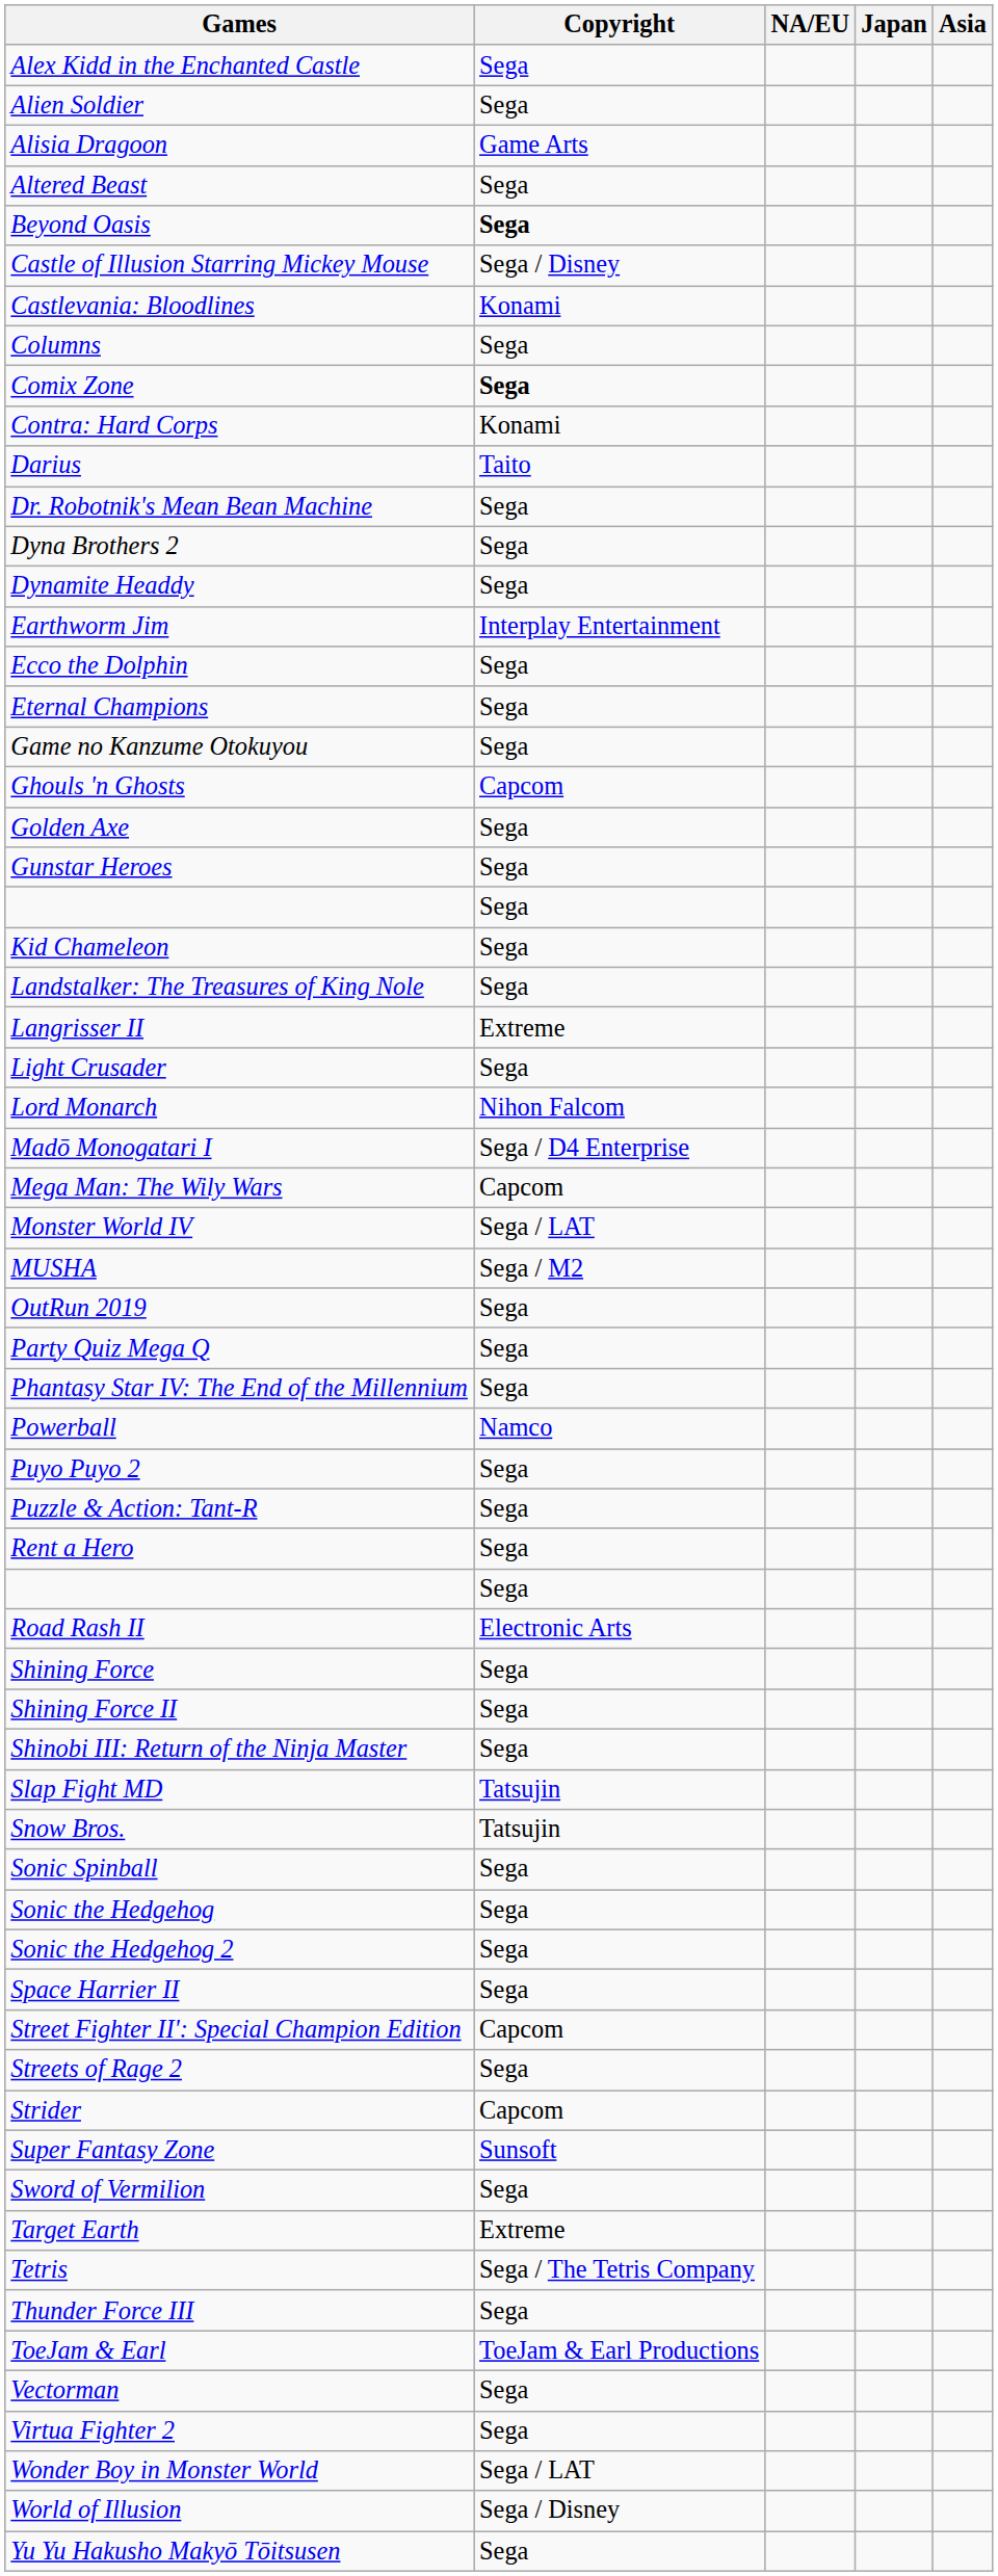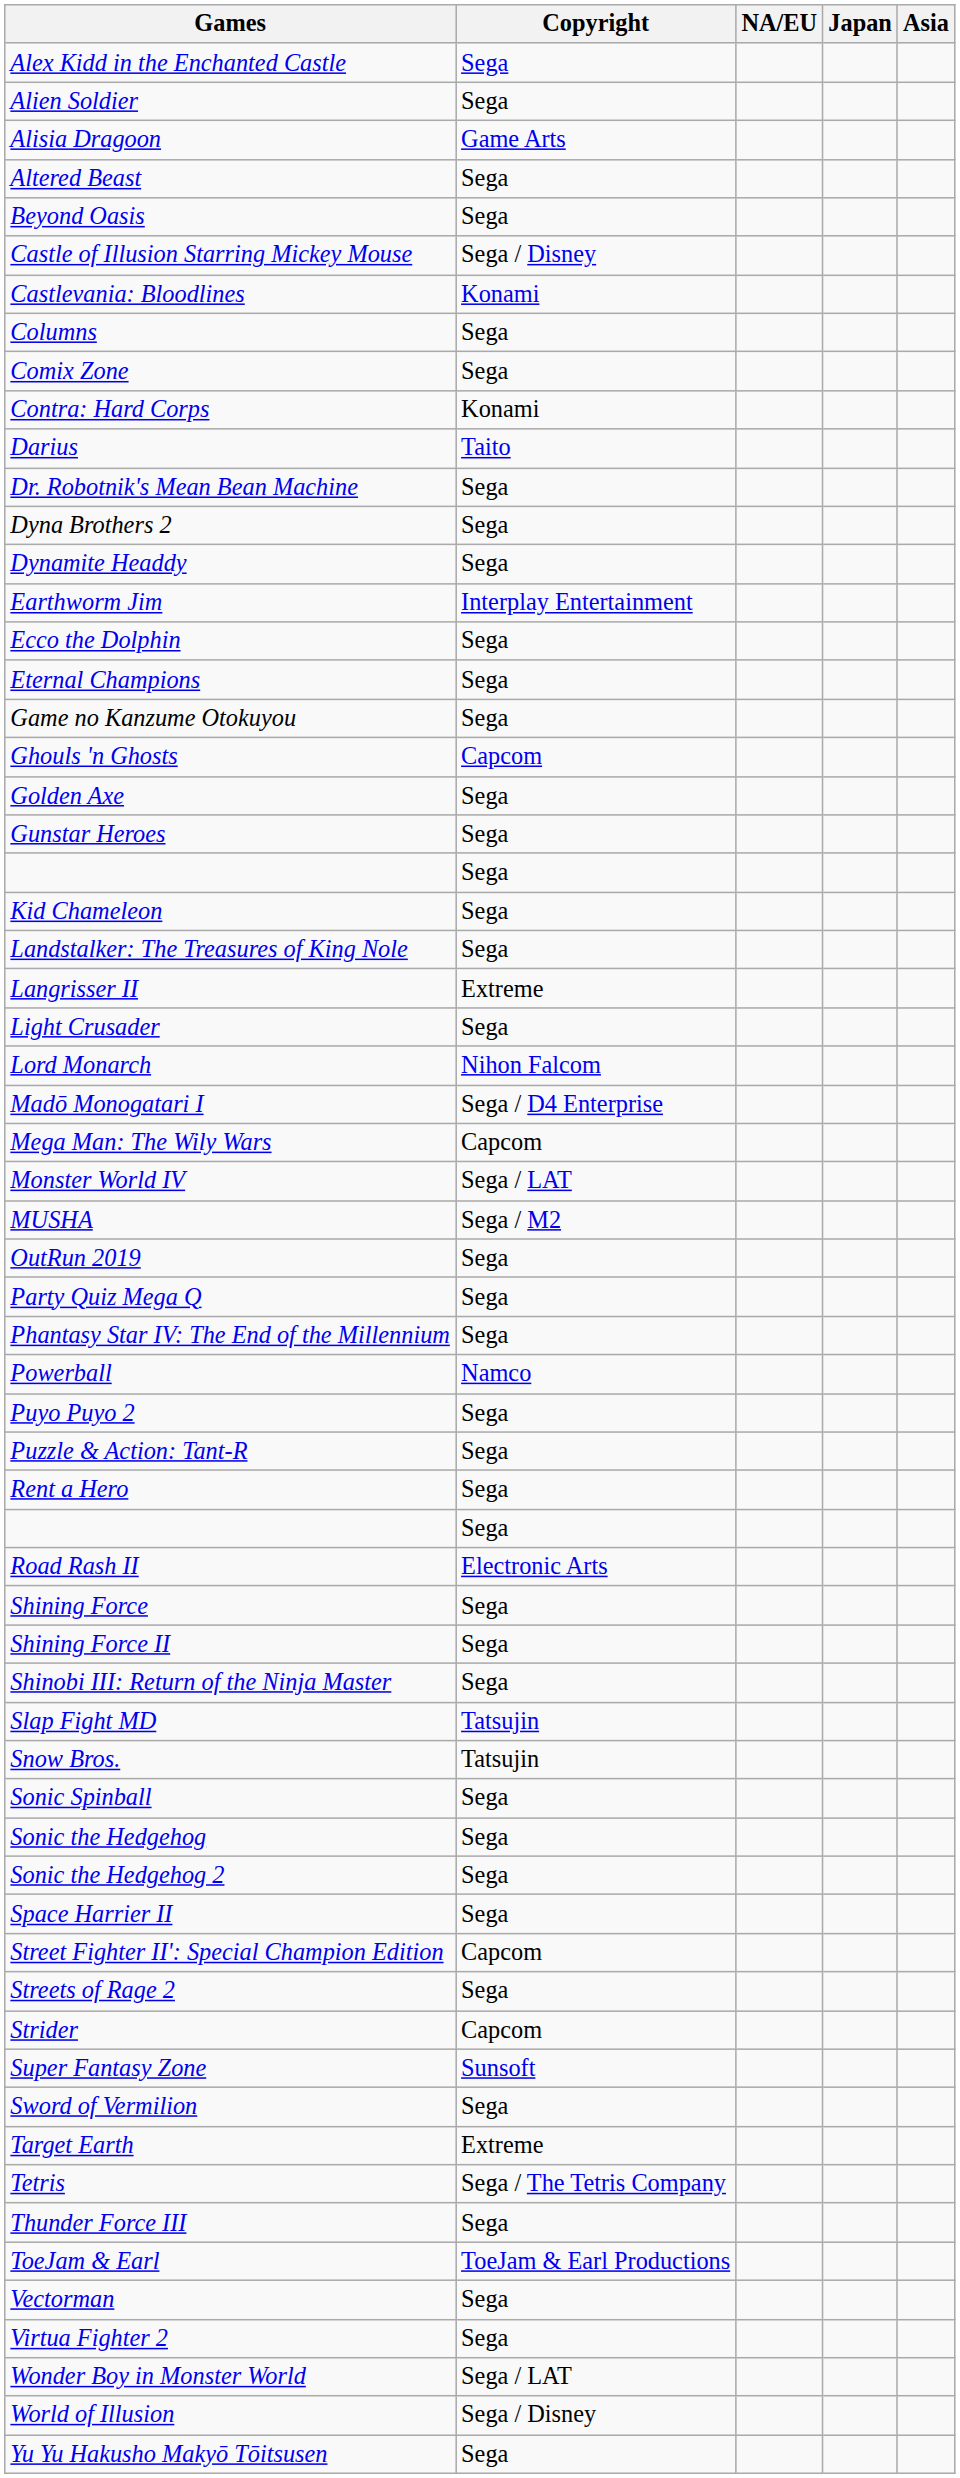 <table class="wikitable sortable">
 <tr>
 <th>Games</th>
 <th>Copyright</th>
 <th>NA/EU</th>
 <th>Japan</th>
 <th>Asia</th>
 </tr>
 <tr>
 <td><em><a href='#'>Alex Kidd in the Enchanted Castle</a></em></td>
 <td><a href='#'>Sega</a></td>
 <td></td>
 <td></td>
 <td></td>
 </tr>
 <tr>
 <td><em><a href='#'>Alien Soldier</a></em></td>
 <td>Sega</td>
 <td></td>
 <td></td>
 <td></td>
 </tr>
 <tr>
 <td><em><a href='#'>Alisia Dragoon</a></em></td>
 <td><a href='#'>Game Arts</a></td>
 <td></td>
 <td></td>
 <td></td>
 </tr>
 <tr>
 <td><em><a href='#'>Altered Beast</a></em></td>
 <td>Sega</td>
 <td></td>
 <td></td>
 <td></td>
 </tr>
 <tr>
 <td><em><a href='#'>Beyond Oasis</a></em></td>
-<td><strong>Sega</strong></td>
+<td>Sega</td>
 <td></td>
 <td></td>
 <td></td>
 </tr>
 <tr>
 <td><em><a href='#'>Castle of Illusion Starring Mickey Mouse</a></em></td>
 <td>Sega / <a href='#'>Disney</a></td>
 <td></td>
 <td></td>
 <td></td>
 </tr>
 <tr>
 <td><em><a href='#'>Castlevania: Bloodlines</a></em></td>
 <td><a href='#'>Konami</a></td>
 <td></td>
 <td></td>
 <td></td>
 </tr>
 <tr>
 <td><em><a href='#'>Columns</a></em></td>
 <td>Sega</td>
 <td></td>
 <td></td>
 <td></td>
 </tr>
 <tr>
 <td><em><a href='#'>Comix Zone</a></em></td>
-<td><strong>Sega</strong></td>
+<td>Sega</td>
 <td></td>
 <td></td>
 <td></td>
 </tr>
 <tr>
 <td><em><a href='#'>Contra: Hard Corps</a></em></td>
 <td>Konami</td>
 <td></td>
 <td></td>
 <td></td>
 </tr>
 <tr>
 <td><em><a href='#'>Darius</a></em></td>
 <td><a href='#'>Taito</a></td>
 <td></td>
 <td></td>
 <td></td>
 </tr>
 <tr>
 <td><em><a href='#'>Dr. Robotnik's Mean Bean Machine</a></em></td>
 <td>Sega</td>
 <td></td>
 <td></td>
 <td></td>
 </tr>
 <tr>
 <td><em>Dyna Brothers 2</em></td>
 <td>Sega</td>
 <td></td>
 <td></td>
 <td></td>
 </tr>
 <tr>
 <td><em><a href='#'>Dynamite Headdy</a></em></td>
 <td>Sega</td>
 <td></td>
 <td></td>
 <td></td>
 </tr>
 <tr>
 <td><em><a href='#'>Earthworm Jim</a></em></td>
 <td><a href='#'>Interplay Entertainment</a></td>
 <td></td>
 <td></td>
 <td></td>
 </tr>
 <tr>
 <td><em><a href='#'>Ecco the Dolphin</a></em></td>
 <td>Sega</td>
 <td></td>
 <td></td>
 <td></td>
 </tr>
 <tr>
 <td><em><a href='#'>Eternal Champions</a></em></td>
 <td>Sega</td>
 <td></td>
 <td></td>
 <td></td>
 </tr>
 <tr>
 <td><em>Game no Kanzume Otokuyou</em></td>
 <td>Sega</td>
 <td></td>
 <td></td>
 <td></td>
 </tr>
 <tr>
 <td><em><a href='#'>Ghouls 'n Ghosts</a></em></td>
 <td><a href='#'>Capcom</a></td>
 <td></td>
 <td></td>
 <td></td>
 </tr>
 <tr>
 <td><em><a href='#'>Golden Axe</a></em></td>
 <td>Sega</td>
 <td></td>
 <td></td>
 <td></td>
 </tr>
 <tr>
 <td><em><a href='#'>Gunstar Heroes</a></em></td>
 <td>Sega</td>
 <td></td>
 <td></td>
 <td></td>
 </tr>
 <tr>
 <td></td>
 <td>Sega</td>
 <td></td>
 <td></td>
 <td></td>
 </tr>
 <tr>
 <td><em><a href='#'>Kid Chameleon</a></em></td>
 <td>Sega</td>
 <td></td>
 <td></td>
 <td></td>
 </tr>
 <tr>
 <td><em><a href='#'>Landstalker: The Treasures of King Nole</a></em></td>
 <td>Sega</td>
 <td></td>
 <td></td>
 <td></td>
 </tr>
 <tr>
 <td><em><a href='#'>Langrisser II</a></em></td>
 <td>Extreme</td>
 <td></td>
 <td></td>
 <td></td>
 </tr>
 <tr>
 <td><em><a href='#'>Light Crusader</a></em></td>
 <td>Sega</td>
 <td></td>
 <td></td>
 <td></td>
 </tr>
 <tr>
 <td><em><a href='#'>Lord Monarch</a></em></td>
 <td><a href='#'>Nihon Falcom</a></td>
 <td></td>
 <td></td>
 <td></td>
 </tr>
 <tr>
 <td><em><a href='#'>Madō Monogatari I</a></em></td>
 <td>Sega / <a href='#'>D4 Enterprise</a></td>
 <td></td>
 <td></td>
 <td></td>
 </tr>
 <tr>
 <td><em><a href='#'>Mega Man: The Wily Wars</a></em></td>
 <td>Capcom</td>
 <td></td>
 <td></td>
 <td></td>
 </tr>
 <tr>
 <td><em><a href='#'>Monster World IV</a></em></td>
 <td>Sega / <a href='#'>LAT</a></td>
 <td></td>
 <td></td>
 <td></td>
 </tr>
 <tr>
 <td><em><a href='#'>MUSHA</a></em></td>
 <td>Sega / <a href='#'>M2</a></td>
 <td></td>
 <td></td>
 <td></td>
 </tr>
 <tr>
 <td><em><a href='#'>OutRun 2019</a></em></td>
 <td>Sega</td>
 <td></td>
 <td></td>
 <td></td>
 </tr>
 <tr>
 <td><em><a href='#'>Party Quiz Mega Q</a></em></td>
 <td>Sega</td>
 <td></td>
 <td></td>
 <td></td>
 </tr>
 <tr>
 <td><em><a href='#'>Phantasy Star IV: The End of the Millennium</a></em></td>
 <td>Sega</td>
 <td></td>
 <td></td>
 <td></td>
 </tr>
 <tr>
 <td><em><a href='#'>Powerball</a></em></td>
 <td><a href='#'>Namco</a></td>
 <td></td>
 <td></td>
 <td></td>
 </tr>
 <tr>
 <td><em><a href='#'>Puyo Puyo 2</a></em></td>
 <td>Sega</td>
 <td></td>
 <td></td>
 <td></td>
 </tr>
 <tr>
 <td><em><a href='#'>Puzzle & Action: Tant-R</a></em></td>
 <td>Sega</td>
 <td></td>
 <td></td>
 <td></td>
 </tr>
 <tr>
 <td><em><a href='#'>Rent a Hero</a></em></td>
 <td>Sega</td>
 <td></td>
 <td></td>
 <td></td>
 </tr>
 <tr>
 <td></td>
 <td>Sega</td>
 <td></td>
 <td></td>
 <td></td>
 </tr>
 <tr>
 <td><em><a href='#'>Road Rash II</a></em></td>
 <td><a href='#'>Electronic Arts</a></td>
 <td></td>
 <td></td>
 <td></td>
 </tr>
 <tr>
 <td><em><a href='#'>Shining Force</a></em></td>
 <td>Sega</td>
 <td></td>
 <td></td>
 <td></td>
 </tr>
 <tr>
 <td><em><a href='#'>Shining Force II</a></em></td>
 <td>Sega</td>
 <td></td>
 <td></td>
 <td></td>
 </tr>
 <tr>
 <td><em><a href='#'>Shinobi III: Return of the Ninja Master</a></em></td>
 <td>Sega</td>
 <td></td>
 <td></td>
 <td></td>
 </tr>
 <tr>
 <td><em><a href='#'>Slap Fight MD</a></em></td>
 <td><a href='#'>Tatsujin</a></td>
 <td></td>
 <td></td>
 <td></td>
 </tr>
 <tr>
 <td><em><a href='#'>Snow Bros.</a></em></td>
 <td>Tatsujin</td>
 <td></td>
 <td></td>
 <td></td>
 </tr>
 <tr>
 <td><em><a href='#'>Sonic Spinball</a></em></td>
 <td>Sega</td>
 <td></td>
 <td></td>
 <td></td>
 </tr>
 <tr>
 <td><em><a href='#'>Sonic the Hedgehog</a></em></td>
 <td>Sega</td>
 <td></td>
 <td></td>
 <td></td>
 </tr>
 <tr>
 <td><em><a href='#'>Sonic the Hedgehog 2</a></em></td>
 <td>Sega</td>
 <td></td>
 <td></td>
 <td></td>
 </tr>
 <tr>
 <td><em><a href='#'>Space Harrier II</a></em></td>
 <td>Sega</td>
 <td></td>
 <td></td>
 <td></td>
 </tr>
 <tr>
 <td><em><a href='#'>Street Fighter II': Special Champion Edition</a></em></td>
 <td>Capcom</td>
 <td></td>
 <td></td>
 <td></td>
 </tr>
 <tr>
 <td><em><a href='#'>Streets of Rage 2</a></em></td>
 <td>Sega</td>
 <td></td>
 <td></td>
 <td></td>
 </tr>
 <tr>
 <td><em><a href='#'>Strider</a></em></td>
 <td>Capcom</td>
 <td></td>
 <td></td>
 <td></td>
 </tr>
 <tr>
 <td><em><a href='#'>Super Fantasy Zone</a></em></td>
 <td><a href='#'>Sunsoft</a></td>
 <td></td>
 <td></td>
 <td></td>
 </tr>
 <tr>
 <td><em><a href='#'>Sword of Vermilion</a></em></td>
 <td>Sega</td>
 <td></td>
 <td></td>
 <td></td>
 </tr>
 <tr>
 <td><em><a href='#'>Target Earth</a></em></td>
 <td>Extreme</td>
 <td></td>
 <td></td>
 <td></td>
 </tr>
 <tr>
 <td><em><a href='#'>Tetris</a></em></td>
 <td>Sega / <a href='#'>The Tetris Company</a></td>
 <td></td>
 <td></td>
 <td></td>
 </tr>
 <tr>
 <td><em><a href='#'>Thunder Force III</a></em></td>
 <td>Sega</td>
 <td></td>
 <td></td>
 <td></td>
 </tr>
 <tr>
 <td><em><a href='#'>ToeJam & Earl</a></em></td>
 <td><a href='#'>ToeJam & Earl Productions</a></td>
 <td></td>
 <td></td>
 <td></td>
 </tr>
 <tr>
 <td><em><a href='#'>Vectorman</a></em></td>
 <td>Sega</td>
 <td></td>
 <td></td>
 <td></td>
 </tr>
 <tr>
 <td><em><a href='#'>Virtua Fighter 2</a></em></td>
 <td>Sega</td>
 <td></td>
 <td></td>
 <td></td>
 </tr>
 <tr>
 <td><em><a href='#'>Wonder Boy in Monster World</a></em></td>
 <td>Sega / LAT</td>
 <td></td>
 <td></td>
 <td></td>
 </tr>
 <tr>
 <td><em><a href='#'>World of Illusion</a></em></td>
 <td>Sega / Disney</td>
 <td></td>
 <td></td>
 <td></td>
 </tr>
 <tr>
 <td><em><a href='#'>Yu Yu Hakusho Makyō Tōitsusen</a></em></td>
 <td>Sega</td>
 <td></td>
 <td></td>
 <td></td>
 </tr>
 </table>
